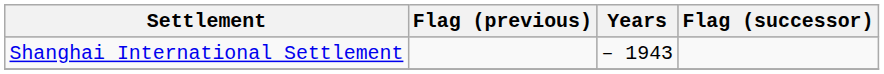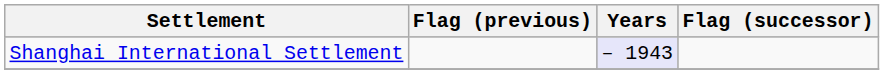 <table class="wikitable sortable">
 <tr>
 <th>Settlement</th>
 <th>Flag (previous)</th>
 <th>Years</th>
 <th>Flag (successor)</th>
 </tr>
 <tr>
 <td><a href='#'>Shanghai International Settlement</a></td>
 <td class="noresize"></td>
-<td> – 1943</td>
+<td style="background: lavender;"> – 1943</td>
 <td class="noresize"></td>
 </tr>
 <tr>
 </tr>
 </table>
